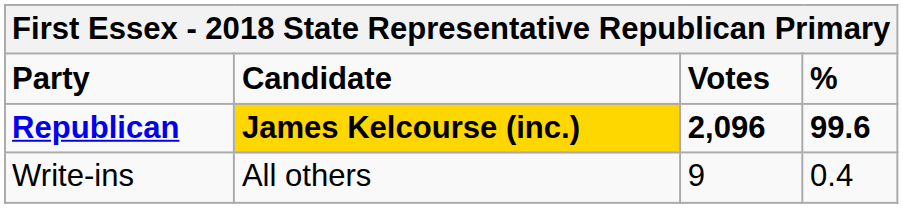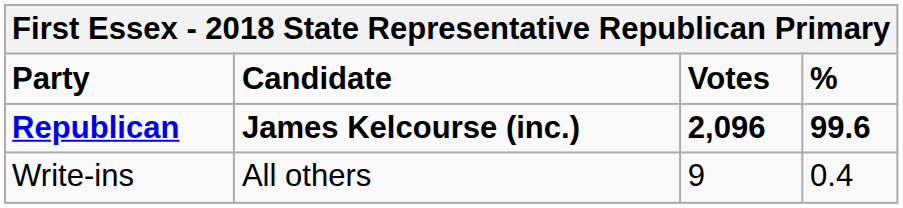 <table class="wikitable">
 <tr>
 <th colspan="4">First Essex - 2018 State Representative Republican Primary</th>
 </tr>
 <tr>
 <td><strong>Party</strong></td>
 <td><strong>Candidate</strong></td>
 <td><strong>Votes</strong></td>
 <td><strong>%</strong></td>
 </tr>
 <tr>
 <td><strong><a href='#'>Republican</a></strong></td>
-<td style="background: gold;"><strong>James Kelcourse (inc.)</strong></td>
+<td><strong>James Kelcourse (inc.)</strong></td>
 <td><strong>2,096</strong></td>
 <td><strong>99.6</strong></td>
 </tr>
 <tr>
 <td>Write-ins</td>
 <td>All others</td>
 <td>9</td>
 <td>0.4</td>
 </tr>
 </table>
